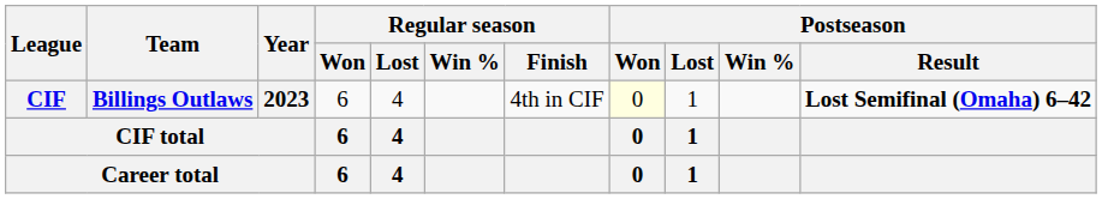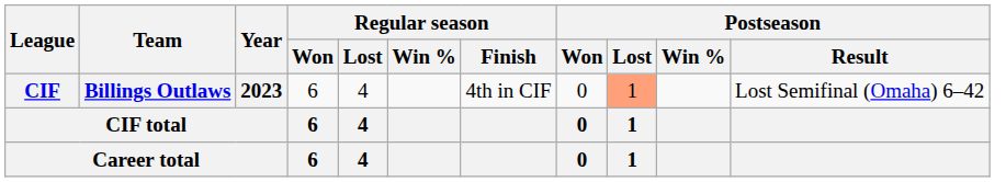 <table class="wikitable" style="font-size: 95%; text-align:center;">
 <tr>
 <th rowspan=2>League</th>
 <th rowspan=2>Team</th>
 <th rowspan=2>Year</th>
 <th colspan=4>Regular season</th>
 <th colspan=4>Postseason</th>
 </tr>
 <tr>
 <th>Won</th>
 <th>Lost</th>
 <th>Win %</th>
 <th>Finish</th>
 <th>Won</th>
 <th>Lost</th>
 <th>Win %</th>
 <th>Result</th>
 </tr>
 <tr ! |->
 <th><a href='#'>CIF</a></th>
 <th><a href='#'>Billings Outlaws</a></th>
 <th>2023</th>
 <td>6</td>
 <td>4</td>
 <td></td>
 <td>4th in CIF</td>
-<td style="background: lightyellow;">0</td>
-<td>1</td>
+<td>0</td>
+<td style="background: lightsalmon;">1</td>
 <td></td>
-<td><strong>Lost Semifinal (<a href='#'>Omaha</a>) 6–42</strong></td>
+<td>Lost Semifinal (<a href='#'>Omaha</a>) 6–42</td>
 </tr>
 <tr>
 <th colspan=3>CIF total</th>
 <th>6</th>
 <th>4</th>
 <th></th>
 <th></th>
 <th>0</th>
 <th>1</th>
 <th></th>
 <th></th>
 </tr>
 <tr>
 <th colspan=3>Career total</th>
 <th>6</th>
 <th>4</th>
 <th></th>
 <th></th>
 <th>0</th>
 <th>1</th>
 <th></th>
 <th></th>
 </tr>
 </table>
